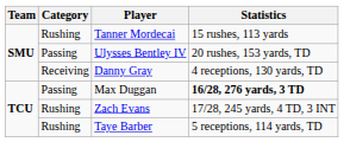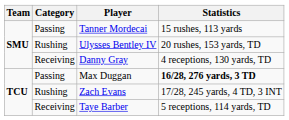 <table class="wikitable" style="float: left;">
 <tr>
 <th>Team</th>
 <th>Category</th>
 <th>Player</th>
 <th>Statistics</th>
 </tr>
 <tr>
 <td rowspan=3><strong>SMU</strong></td>
-<td>Rushing</td>
+<td>Passing</td>
 <td><a href='#'>Tanner Mordecai</a></td>
 <td>15 rushes, 113 yards</td>
 </tr>
 <tr>
-<td>Passing</td>
+<td>Rushing</td>
 <td><a href='#'>Ulysses Bentley IV</a></td>
 <td>20 rushes, 153 yards, TD</td>
 </tr>
 <tr>
 <td>Receiving</td>
 <td><a href='#'>Danny Gray</a></td>
 <td>4 receptions, 130 yards, TD</td>
 </tr>
 <tr>
 <td rowspan=3><strong>TCU</strong></td>
 <td>Passing</td>
 <td>Max Duggan</td>
 <td><strong>16/28, 276 yards, 3 TD</strong></td>
 </tr>
 <tr>
 <td>Rushing</td>
 <td><a href='#'>Zach Evans</a></td>
 <td>17/28, 245 yards, 4 TD, 3 INT</td>
 </tr>
 <tr>
-<td>Rushing</td>
+<td>Receiving</td>
 <td><a href='#'>Taye Barber</a></td>
 <td>5 receptions, 114 yards, TD</td>
 </tr>
 </table>
